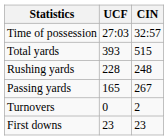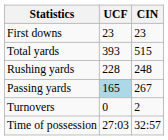 <table class="wikitable" style="float: left;">
 <tr>
 <th>Statistics</th>
 <th>UCF</th>
 <th>CIN</th>
 </tr>
 <tr>
-<td>Time of possession</td>
-<td>27:03</td>
-<td>32:57</td>
+<td>First downs</td>
+<td>23</td>
+<td>23</td>
 </tr>
 <tr>
 <td>Total yards</td>
 <td>393</td>
 <td>515</td>
 </tr>
 <tr>
 <td>Rushing yards</td>
 <td>228</td>
 <td>248</td>
 </tr>
 <tr>
 <td>Passing yards</td>
-<td>165</td>
+<td style="background: lightblue;">165</td>
 <td>267</td>
 </tr>
 <tr>
 <td>Turnovers</td>
 <td>0</td>
 <td>2</td>
 </tr>
 <tr>
-<td>First downs</td>
-<td>23</td>
-<td>23</td>
+<td>Time of possession</td>
+<td>27:03</td>
+<td>32:57</td>
 </tr>
 </table>
